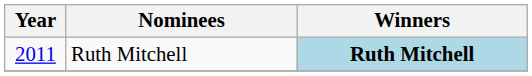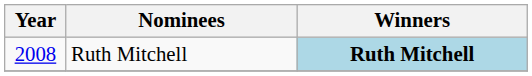 <table class="wikitable">
 <tr>
 <th width=40 align=center>Year</th>
 <th width=170>Nominees</th>
 <th width=170>Winners</th>
 </tr>
 <tr>
-<td align=center><a href='#'>2011</a></td>
+<td align=center><a href='#'>2008</a></td>
 <td>Ruth Mitchell</td>
 <td align=center style="background: lightblue;"><strong>Ruth Mitchell</strong></td>
 </tr>
 <tr>
 </tr>
 </table>
